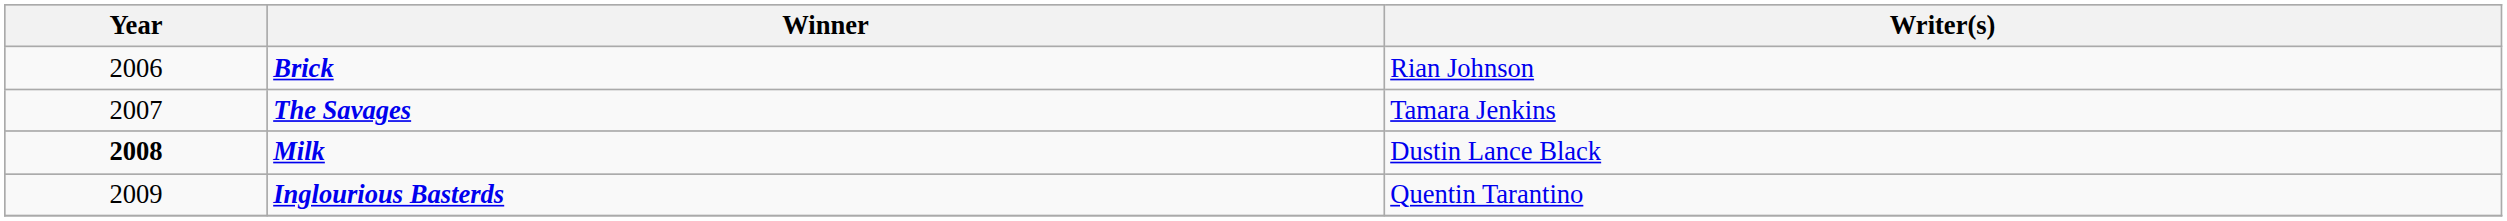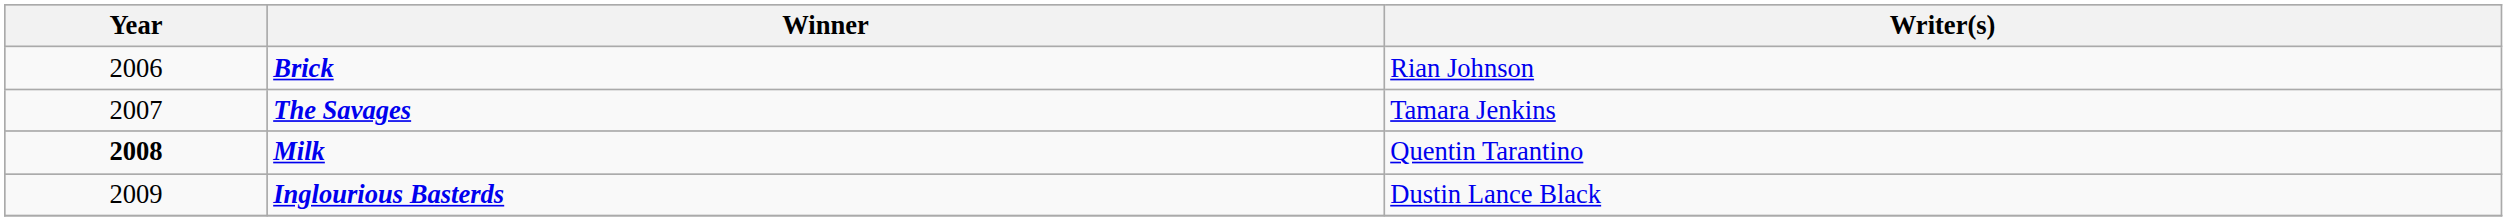 <table class="wikitable" width="95%" cellpadding="5">
 <tr>
 <th width="100"><strong>Year</strong></th>
 <th width="450"><strong>Winner</strong></th>
 <th width="450"><strong>Writer(s)</strong></th>
 </tr>
 <tr>
 <td style="text-align:center;">2006</td>
 <td><strong><em><a href='#'>Brick</a></em></strong></td>
 <td><a href='#'>Rian Johnson</a></td>
 </tr>
 <tr>
 <td style="text-align:center;">2007</td>
 <td><strong><em><a href='#'>The Savages</a></em></strong></td>
 <td><a href='#'>Tamara Jenkins</a></td>
 </tr>
 <tr>
 <td style="text-align:center;"><strong>2008</strong></td>
 <td><strong><em><a href='#'>Milk</a></em></strong></td>
-<td><a href='#'>Dustin Lance Black</a></td>
+<td><a href='#'>Quentin Tarantino</a></td>
 </tr>
 <tr>
 <td style="text-align:center;">2009</td>
 <td><strong><em><a href='#'>Inglourious Basterds</a></em></strong></td>
-<td><a href='#'>Quentin Tarantino</a></td>
+<td><a href='#'>Dustin Lance Black</a></td>
 </tr>
 <tr>
 </tr>
 </table>
